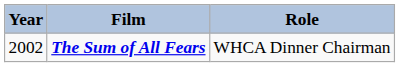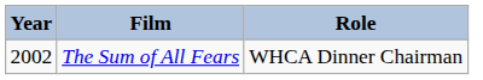 <table class="wikitable" style="font-size:95%;">
 <tr>
 <th style="background:#B0C4DE;">Year</th>
 <th style="background:#B0C4DE;">Film</th>
 <th style="background:#B0C4DE;">Role</th>
 </tr>
 <tr>
 <td>2002</td>
-<td><strong><em><a href='#'>The Sum of All Fears</a></em></strong></td>
+<td><em><a href='#'>The Sum of All Fears</a></em></td>
 <td>WHCA Dinner Chairman</td>
 </tr>
 </table>
